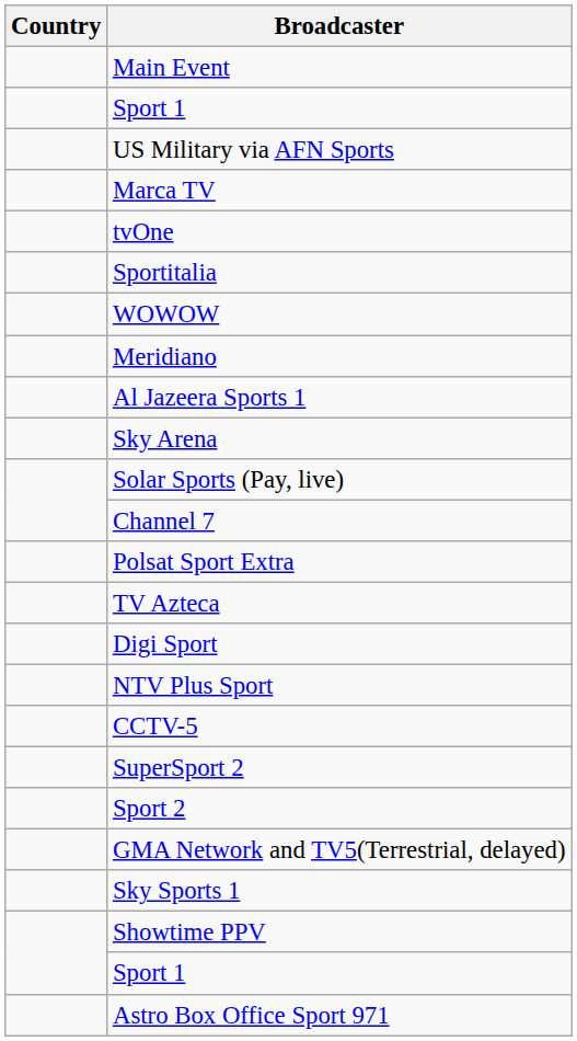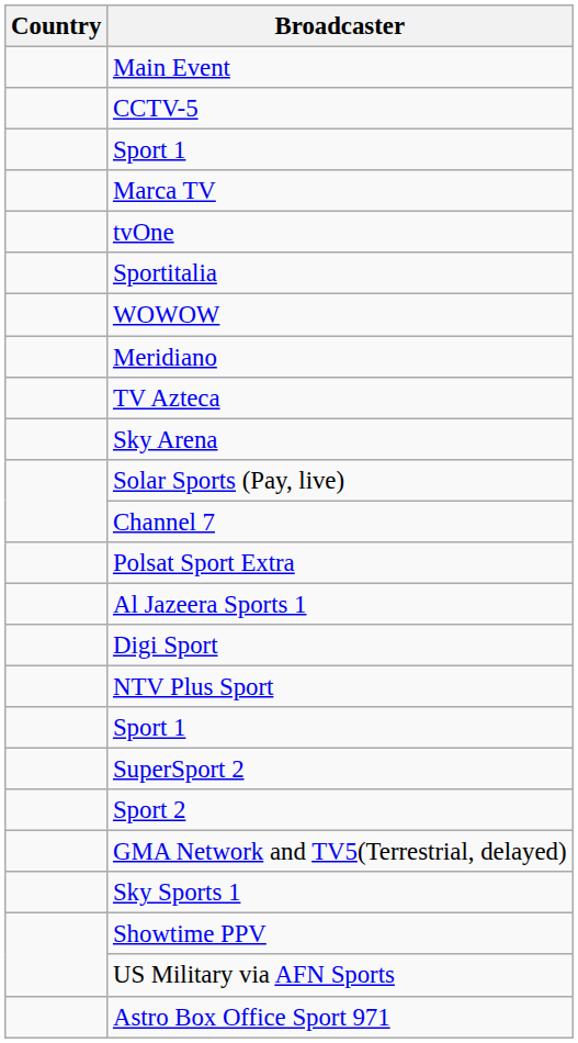 <table class="wikitable" style="font-size:95%;">
 <tr>
 <th>Country</th>
 <th>Broadcaster</th>
 </tr>
 <tr>
 <td align=left></td>
 <td><a href='#'>Main Event</a></td>
 </tr>
 <tr>
 <td align=left></td>
-<td><a href='#'>Sport 1</a></td>
+<td><a href='#'>CCTV-5</a></td>
 </tr>
 <tr>
 <td align=left></td>
-<td>US Military via <a href='#'>AFN Sports</a></td>
+<td><a href='#'>Sport 1</a></td>
 </tr>
 <tr>
 <td align=left></td>
 <td><a href='#'>Marca TV</a></td>
 </tr>
 <tr>
 <td align=left></td>
 <td><a href='#'>tvOne</a></td>
 </tr>
 <tr>
 <td align=left></td>
 <td><a href='#'>Sportitalia</a></td>
 </tr>
 <tr>
 <td align=left></td>
 <td><a href='#'>WOWOW</a></td>
 </tr>
 <tr>
 <td align=left></td>
 <td><a href='#'>Meridiano</a></td>
 </tr>
 <tr>
 <td align=left></td>
-<td><a href='#'>Al Jazeera Sports 1</a></td>
+<td><a href='#'>TV Azteca</a></td>
 </tr>
 <tr>
 <td align=left></td>
 <td><a href='#'>Sky Arena</a></td>
 </tr>
 <tr>
 <td style="text-align:left;" rowspan="2"></td>
 <td><a href='#'>Solar Sports</a> (Pay, live)</td>
 </tr>
 <tr>
 <td><a href='#'>Channel 7</a></td>
 </tr>
 <tr>
 <td align=left></td>
 <td><a href='#'>Polsat Sport Extra</a></td>
 </tr>
 <tr>
 <td align=left></td>
-<td><a href='#'>TV Azteca</a></td>
+<td><a href='#'>Al Jazeera Sports 1</a></td>
 </tr>
 <tr>
 <td align=left></td>
 <td><a href='#'>Digi Sport</a></td>
 </tr>
 <tr>
 <td align=left></td>
 <td><a href='#'>NTV Plus Sport</a></td>
 </tr>
 <tr>
 <td align=left></td>
-<td><a href='#'>CCTV-5</a></td>
+<td><a href='#'>Sport 1</a></td>
 </tr>
 <tr>
 <td align=left></td>
 <td><a href='#'>SuperSport 2</a></td>
 </tr>
 <tr>
 <td align=left></td>
 <td><a href='#'>Sport 2</a></td>
 </tr>
 <tr>
 <td align=left></td>
 <td><a href='#'>GMA Network</a> and <a href='#'>TV5</a>(Terrestrial, delayed)</td>
 </tr>
 <tr>
 <td align=left></td>
 <td><a href='#'>Sky Sports 1</a></td>
 </tr>
 <tr>
 <td style="text-align:left;" rowspan="2"></td>
 <td><a href='#'>Showtime PPV</a></td>
 </tr>
 <tr>
-<td><a href='#'>Sport 1</a></td>
+<td>US Military via <a href='#'>AFN Sports</a></td>
 </tr>
 <tr>
 <td align=left></td>
 <td><a href='#'>Astro Box Office Sport 971</a></td>
 </tr>
 </table>
